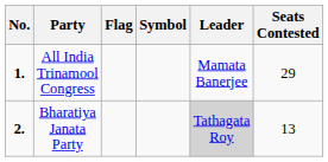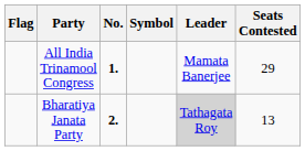 <table class="wikitable"  width="50%"style="text-align:center;">
 <tr>
+<th>Flag</th>
+<th>Party</th>
 <th>No.</th>
-<th>Party</th>
-<th>Flag</th>
 <th>Symbol</th>
 <th>Leader</th>
 <th>Seats Contested</th>
 </tr>
 <tr>
+<td></td>
+<td><a href='#'>All India Trinamool Congress</a></td>
 <td style="text-align:center;background:"><strong>1.</strong></td>
-<td><a href='#'>All India Trinamool Congress</a></td>
-<td></td>
 <td></td>
 <td><a href='#'>Mamata Banerjee</a></td>
 <td>29</td>
 </tr>
 <tr>
+<td></td>
+<td><a href='#'>Bharatiya Janata Party</a></td>
 <td style="text-align:center; background:"><strong>2.</strong></td>
-<td><a href='#'>Bharatiya Janata Party</a></td>
-<td></td>
 <td></td>
 <td style="background: lightgrey;"><a href='#'>Tathagata Roy</a></td>
 <td style="text-align:center">13</td>
 </tr>
 </table>
